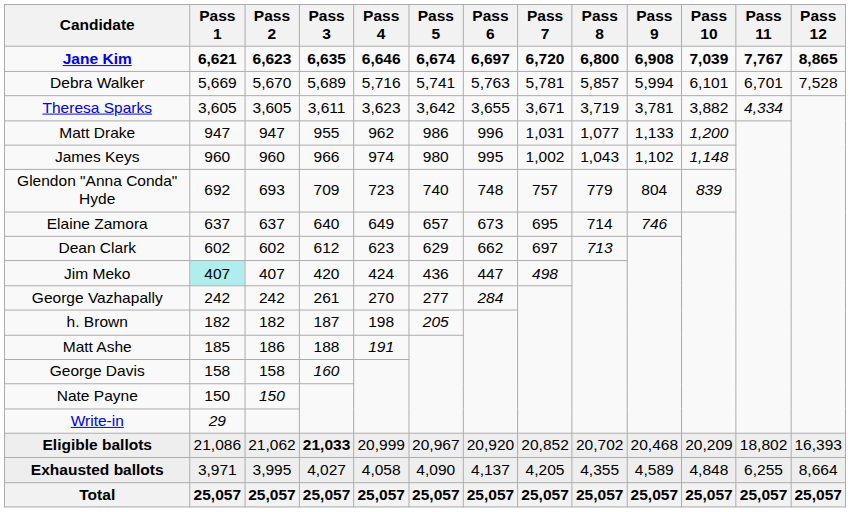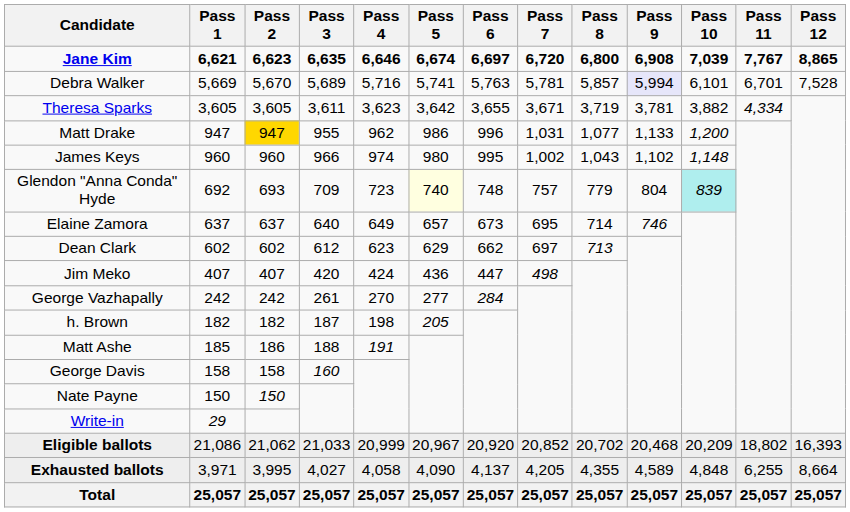 <table class="wikitable" style="text-align: center;">
 <tr>
 <th width="200">Candidate</th>
 <th>Pass 1</th>
 <th>Pass 2</th>
 <th>Pass 3</th>
 <th>Pass 4</th>
 <th>Pass 5</th>
 <th>Pass 6</th>
 <th>Pass 7</th>
 <th>Pass 8</th>
 <th>Pass 9</th>
 <th>Pass 10</th>
 <th>Pass 11</th>
 <th>Pass 12</th>
 </tr>
 <tr>
 <td><strong><a href='#'>Jane Kim</a></strong></td>
 <td><strong>6,621</strong></td>
 <td><strong>6,623</strong></td>
 <td><strong>6,635</strong></td>
 <td><strong>6,646</strong></td>
 <td><strong>6,674</strong></td>
 <td><strong>6,697</strong></td>
 <td><strong>6,720</strong></td>
 <td><strong>6,800</strong></td>
 <td><strong>6,908</strong></td>
 <td><strong>7,039</strong></td>
 <td><strong>7,767</strong></td>
 <td><strong>8,865</strong></td>
 </tr>
 <tr>
 <td>Debra Walker</td>
 <td>5,669</td>
 <td>5,670</td>
 <td>5,689</td>
 <td>5,716</td>
 <td>5,741</td>
 <td>5,763</td>
 <td>5,781</td>
 <td>5,857</td>
-<td>5,994</td>
+<td style="background: lavender;">5,994</td>
 <td>6,101</td>
 <td>6,701</td>
 <td>7,528</td>
 </tr>
 <tr>
 <td><a href='#'>Theresa Sparks</a></td>
 <td>3,605</td>
 <td>3,605</td>
 <td>3,611</td>
 <td>3,623</td>
 <td>3,642</td>
 <td>3,655</td>
 <td>3,671</td>
 <td>3,719</td>
 <td>3,781</td>
 <td>3,882</td>
 <td><em>4,334</em></td>
 <td rowspan="13"></td>
 </tr>
 <tr>
 <td>Matt Drake</td>
 <td>947</td>
-<td>947</td>
+<td style="background: gold;">947</td>
 <td>955</td>
 <td>962</td>
 <td>986</td>
 <td>996</td>
 <td>1,031</td>
 <td>1,077</td>
 <td>1,133</td>
 <td><em>1,200</em></td>
 <td rowspan="12"></td>
 </tr>
 <tr>
 <td>James Keys</td>
 <td>960</td>
 <td>960</td>
 <td>966</td>
 <td>974</td>
 <td>980</td>
 <td>995</td>
 <td>1,002</td>
 <td>1,043</td>
 <td>1,102</td>
 <td><em>1,148</em></td>
 </tr>
 <tr>
 <td>Glendon "Anna Conda" Hyde</td>
 <td>692</td>
 <td>693</td>
 <td>709</td>
 <td>723</td>
-<td>740</td>
+<td style="background: lightyellow;">740</td>
 <td>748</td>
 <td>757</td>
 <td>779</td>
 <td>804</td>
-<td><em>839</em></td>
+<td style="background: paleturquoise;"><em>839</em></td>
 </tr>
 <tr>
 <td>Elaine Zamora</td>
 <td>637</td>
 <td>637</td>
 <td>640</td>
 <td>649</td>
 <td>657</td>
 <td>673</td>
 <td>695</td>
 <td>714</td>
 <td><em>746</em></td>
 <td rowspan="9"></td>
 </tr>
 <tr>
 <td>Dean Clark</td>
 <td>602</td>
 <td>602</td>
 <td>612</td>
 <td>623</td>
 <td>629</td>
 <td>662</td>
 <td>697</td>
 <td><em>713</em></td>
 <td rowspan="8"></td>
 </tr>
 <tr>
 <td>Jim Meko</td>
-<td style="background: paleturquoise;">407</td>
+<td>407</td>
 <td>407</td>
 <td>420</td>
 <td>424</td>
 <td>436</td>
 <td>447</td>
 <td><em>498</em></td>
 <td rowspan="7"></td>
 </tr>
 <tr>
 <td>George Vazhapally</td>
 <td>242</td>
 <td>242</td>
 <td>261</td>
 <td>270</td>
 <td>277</td>
 <td><em>284</em></td>
 <td rowspan="6"></td>
 </tr>
 <tr>
 <td>h. Brown</td>
 <td>182</td>
 <td>182</td>
 <td>187</td>
 <td>198</td>
 <td><em>205</em></td>
 <td rowspan="5"></td>
 </tr>
 <tr>
 <td>Matt Ashe</td>
 <td>185</td>
 <td>186</td>
 <td>188</td>
 <td><em>191</em></td>
 <td rowspan="4"></td>
 </tr>
 <tr>
 <td>George Davis</td>
 <td>158</td>
 <td>158</td>
 <td><em>160</em></td>
 <td rowspan="3"></td>
 </tr>
 <tr>
 <td>Nate Payne</td>
 <td>150</td>
 <td><em>150</em></td>
 <td rowspan="2"></td>
 </tr>
 <tr>
 <td><a href='#'>Write-in</a></td>
 <td><em>29</em></td>
 <td></td>
 </tr>
 <tr bgcolor="#EEEEEE">
 <td><strong>Eligible ballots</strong></td>
 <td>21,086</td>
 <td>21,062</td>
-<td><strong>21,033</strong></td>
+<td>21,033</td>
 <td>20,999</td>
 <td>20,967</td>
 <td>20,920</td>
 <td>20,852</td>
 <td>20,702</td>
 <td>20,468</td>
 <td>20,209</td>
 <td>18,802</td>
 <td>16,393</td>
 </tr>
 <tr bgcolor="#EEEEEE">
 <td><strong>Exhausted ballots</strong></td>
 <td>3,971</td>
 <td>3,995</td>
 <td>4,027</td>
 <td>4,058</td>
 <td>4,090</td>
 <td>4,137</td>
 <td>4,205</td>
 <td>4,355</td>
 <td>4,589</td>
 <td>4,848</td>
 <td>6,255</td>
 <td>8,664</td>
 </tr>
 <tr>
 <th scope="row">Total</th>
 <th>25,057</th>
 <th>25,057</th>
 <th>25,057</th>
 <th>25,057</th>
 <th>25,057</th>
 <th>25,057</th>
 <th>25,057</th>
 <th>25,057</th>
 <th>25,057</th>
 <th>25,057</th>
 <th>25,057</th>
 <th>25,057</th>
 </tr>
 </table>
